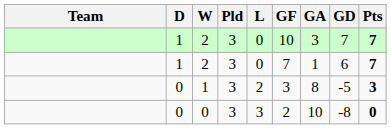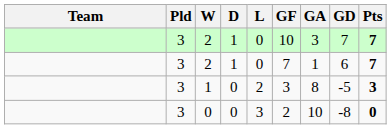 <table class="wikitable" style="text-align: center;">
 <tr>
 <th width=165>Team</th>
+<th width=20>Pld</th>
+<th width=20>W</th>
 <th width=20>D</th>
-<th width=20>W</th>
-<th width=20>Pld</th>
 <th width=20>L</th>
 <th width=20>GF</th>
 <th width=20>GA</th>
 <th width=20>GD</th>
 <th width=20>Pts</th>
 </tr>
 <tr bgcolor=#ccffcc>
 <td align=left></td>
+<td>3</td>
+<td>2</td>
 <td>1</td>
-<td>2</td>
-<td>3</td>
 <td>0</td>
 <td>10</td>
 <td>3</td>
 <td>7</td>
 <td><strong>7</strong></td>
 </tr>
 <tr>
 <td align=left></td>
+<td>3</td>
+<td>2</td>
 <td>1</td>
-<td>2</td>
-<td>3</td>
 <td>0</td>
 <td>7</td>
 <td>1</td>
 <td>6</td>
 <td><strong>7</strong></td>
 </tr>
 <tr>
 <td align=left></td>
+<td>3</td>
+<td>1</td>
 <td>0</td>
-<td>1</td>
-<td>3</td>
 <td>2</td>
 <td>3</td>
 <td>8</td>
 <td>-5</td>
 <td><strong>3</strong></td>
 </tr>
 <tr>
 <td align=left></td>
+<td>3</td>
 <td>0</td>
 <td>0</td>
-<td>3</td>
 <td>3</td>
 <td>2</td>
 <td>10</td>
 <td>-8</td>
 <td><strong>0</strong></td>
 </tr>
 </table>
